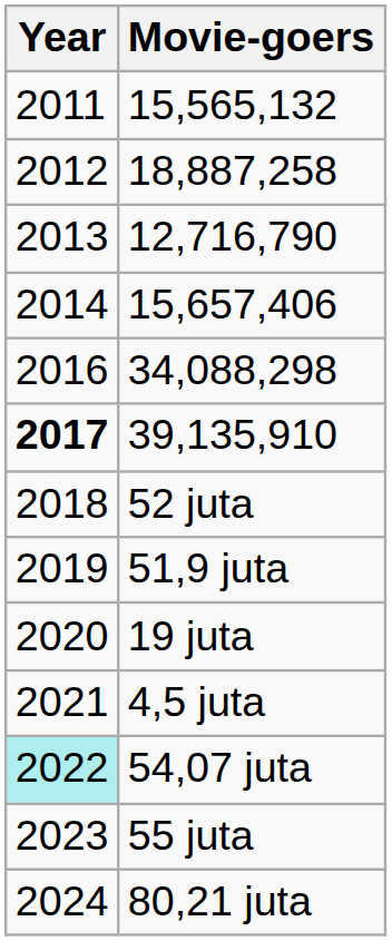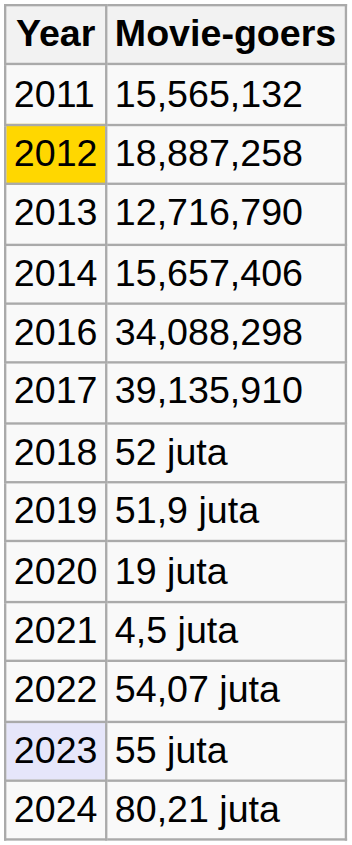 <table class="wikitable">
 <tr>
 <th>Year</th>
 <th>Movie-goers</th>
 </tr>
 <tr>
 <td>2011</td>
 <td>15,565,132</td>
 </tr>
 <tr>
-<td>2012</td>
+<td style="background: gold;">2012</td>
 <td>18,887,258</td>
 </tr>
 <tr>
 <td>2013</td>
 <td>12,716,790</td>
 </tr>
 <tr>
 <td>2014</td>
 <td>15,657,406</td>
 </tr>
 <tr>
 <td>2016</td>
 <td>34,088,298</td>
 </tr>
 <tr>
-<td><strong>2017</strong></td>
+<td>2017</td>
 <td>39,135,910</td>
 </tr>
 <tr>
 <td>2018</td>
 <td>52 juta</td>
 </tr>
 <tr>
 <td>2019</td>
 <td>51,9 juta</td>
 </tr>
 <tr>
 <td>2020</td>
 <td>19 juta</td>
 </tr>
 <tr>
 <td>2021</td>
 <td>4,5 juta</td>
 </tr>
 <tr>
-<td style="background: paleturquoise;">2022</td>
+<td>2022</td>
 <td>54,07 juta</td>
 </tr>
 <tr>
-<td>2023</td>
+<td style="background: lavender;">2023</td>
 <td>55 juta</td>
 </tr>
 <tr>
 <td>2024</td>
 <td>80,21 juta</td>
 </tr>
 </table>
